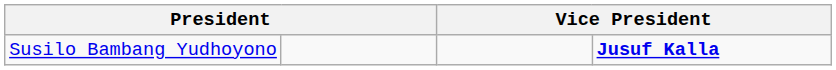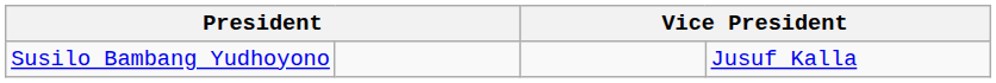 <table class="wikitable">
 <tr>
 <th colspan="2" width=270>President</th>
 <th colspan="2" width=270>Vice President</th>
 </tr>
 <tr>
 <td align="right"><a href='#'>Susilo Bambang Yudhoyono</a></td>
 <td align="center" width=102></td>
 <td align="center" width=103></td>
-<td align="left"><strong><a href='#'>Jusuf Kalla</a></strong></td>
+<td align="left"><a href='#'>Jusuf Kalla</a></td>
 </tr>
 </table>
